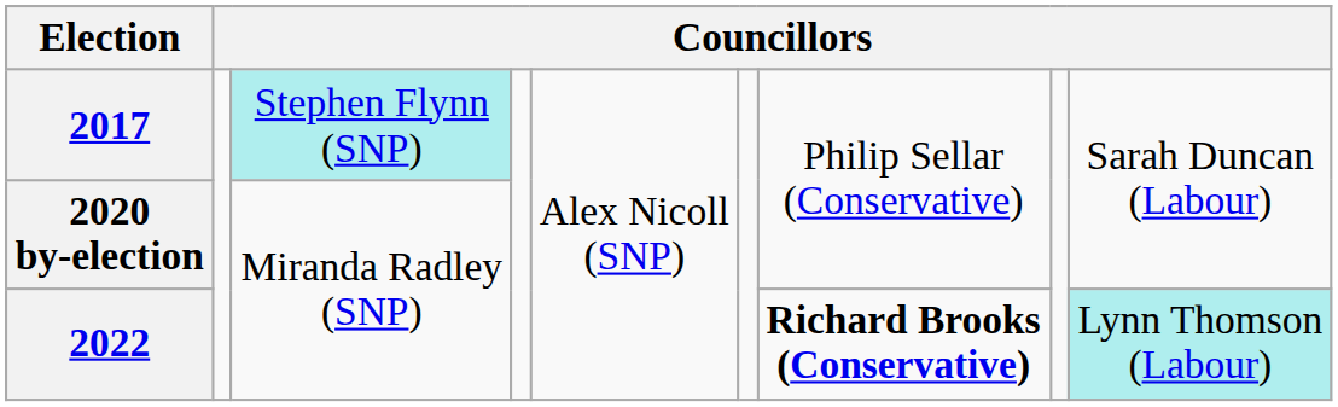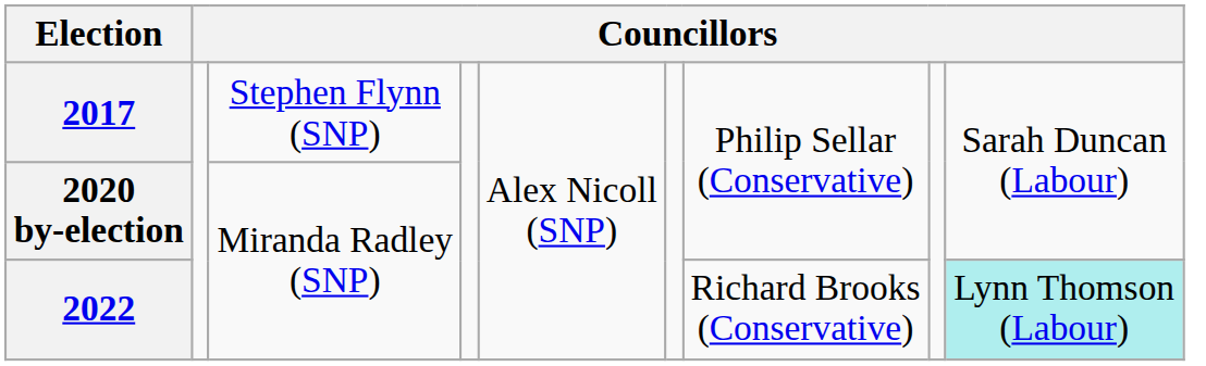 <table class="wikitable" style="text-align:center">
 <tr>
 <th>Election</th>
 <th colspan=8>Councillors</th>
 </tr>
 <tr>
 <th><a href='#'>2017</a></th>
 <td rowspan=3; style="background-color: "></td>
-<td rowspan=1 style="background: paleturquoise;"><a href='#'>Stephen Flynn</a><br>(<a href='#'>SNP</a>)</td>
+<td rowspan=1><a href='#'>Stephen Flynn</a><br>(<a href='#'>SNP</a>)</td>
 <td rowspan=3; style="background-color: "></td>
 <td rowspan=3>Alex Nicoll<br>(<a href='#'>SNP</a>)</td>
 <td rowspan=3; style="background-color: "></td>
 <td rowspan=2>Philip Sellar<br>(<a href='#'>Conservative</a>)</td>
 <td rowspan=3; style="background-color: "></td>
 <td rowspan=2>Sarah Duncan<br>(<a href='#'>Labour</a>)</td>
 </tr>
 <tr>
 <th>2020<br>by-election</th>
 <td rowspan=2>Miranda Radley<br>(<a href='#'>SNP</a>)</td>
 </tr>
 <tr>
 <th><a href='#'>2022</a></th>
-<td rowspan=1><strong>Richard Brooks<br>(<a href='#'>Conservative</a>)</strong></td>
+<td rowspan=1>Richard Brooks<br>(<a href='#'>Conservative</a>)</td>
 <td rowspan=1 style="background: paleturquoise;">Lynn Thomson<br>(<a href='#'>Labour</a>)</td>
 </tr>
 </table>
